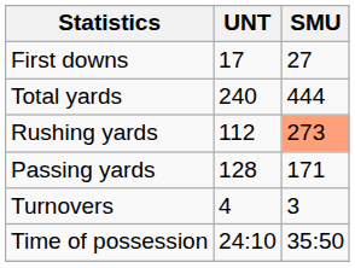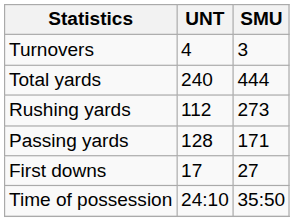 <table class="wikitable">
 <tr>
 <th>Statistics</th>
 <th>UNT</th>
 <th>SMU</th>
 </tr>
 <tr>
-<td>First downs</td>
-<td>17</td>
-<td>27</td>
+<td>Turnovers</td>
+<td>4</td>
+<td>3</td>
 </tr>
 <tr>
 <td>Total yards</td>
 <td>240</td>
 <td>444</td>
 </tr>
 <tr>
 <td>Rushing yards</td>
 <td>112</td>
-<td style="background: lightsalmon;">273</td>
+<td>273</td>
 </tr>
 <tr>
 <td>Passing yards</td>
 <td>128</td>
 <td>171</td>
 </tr>
 <tr>
-<td>Turnovers</td>
-<td>4</td>
-<td>3</td>
+<td>First downs</td>
+<td>17</td>
+<td>27</td>
 </tr>
 <tr>
 <td>Time of possession</td>
 <td>24:10</td>
 <td>35:50</td>
 </tr>
 <tr>
 </tr>
 </table>
